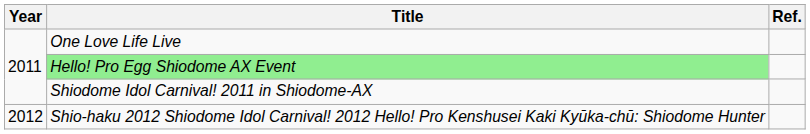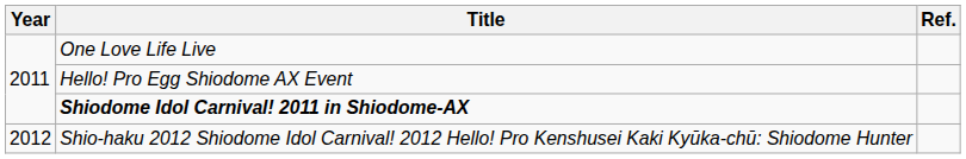 <table class="wikitable">
 <tr>
 <th>Year</th>
 <th>Title</th>
 <th>Ref.</th>
 </tr>
 <tr>
 <td rowspan="3">2011</td>
 <td><em>One Love Life Live</em></td>
 <td></td>
 </tr>
 <tr>
-<td style="background: lightgreen;"><em>Hello! Pro Egg Shiodome AX Event</em></td>
+<td><em>Hello! Pro Egg Shiodome AX Event</em></td>
 <td></td>
 </tr>
 <tr>
-<td><em>Shiodome Idol Carnival! 2011 in Shiodome-AX</em></td>
+<td><strong><em>Shiodome Idol Carnival! 2011 in Shiodome-AX</em></strong></td>
 <td></td>
 </tr>
 <tr>
 <td>2012</td>
 <td><em>Shio-haku 2012 Shiodome Idol Carnival! 2012 Hello! Pro Kenshusei Kaki Kyūka-chū: Shiodome Hunter</em></td>
 <td></td>
 </tr>
 </table>
